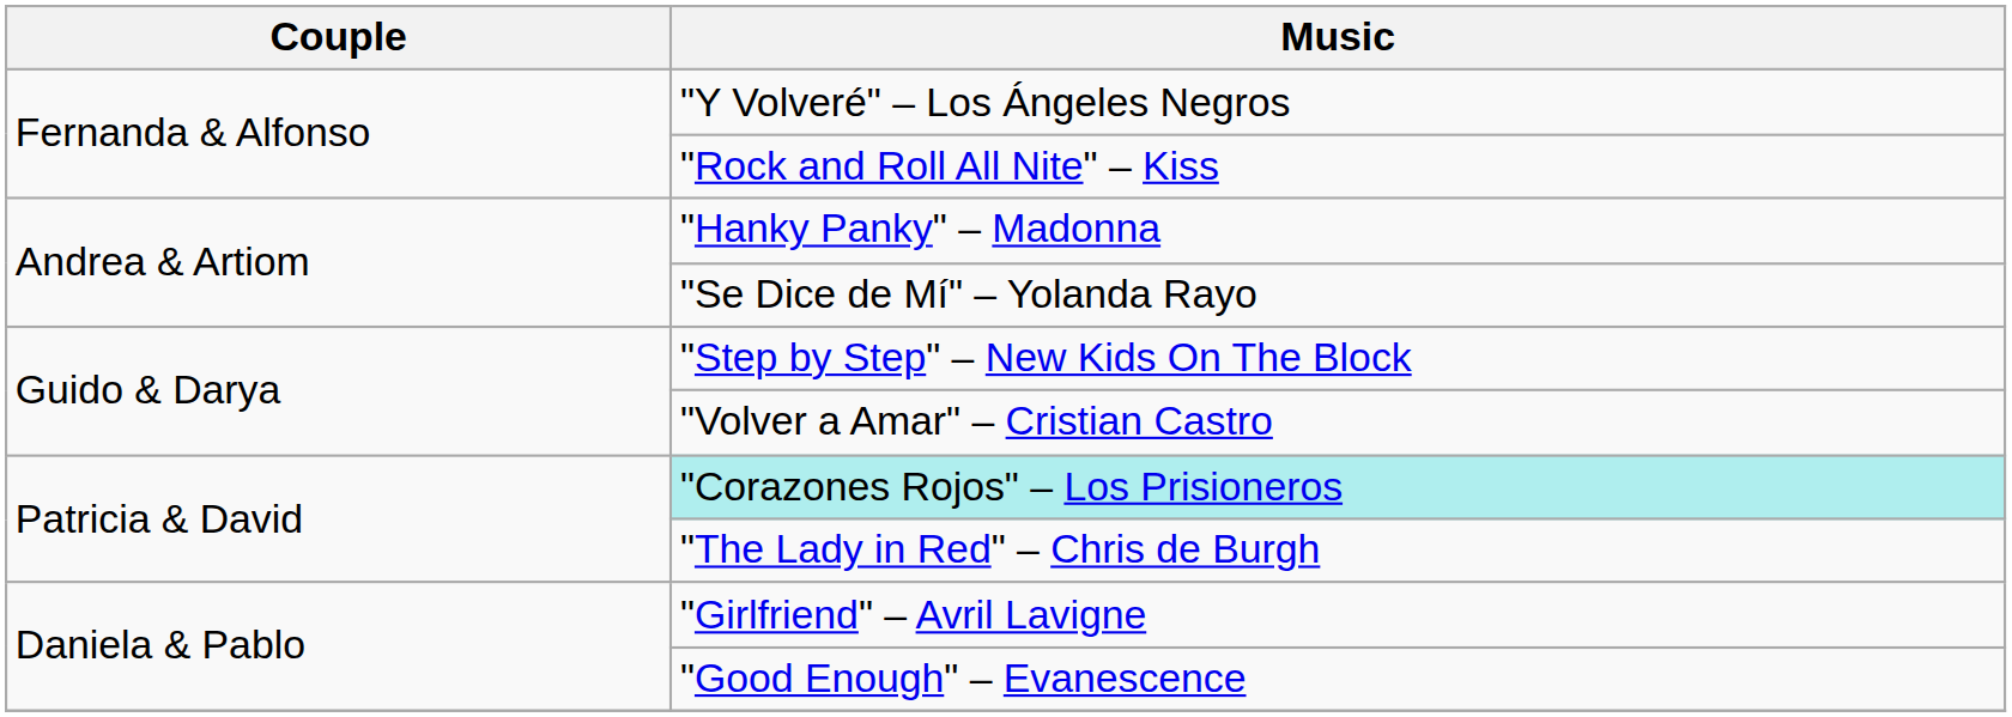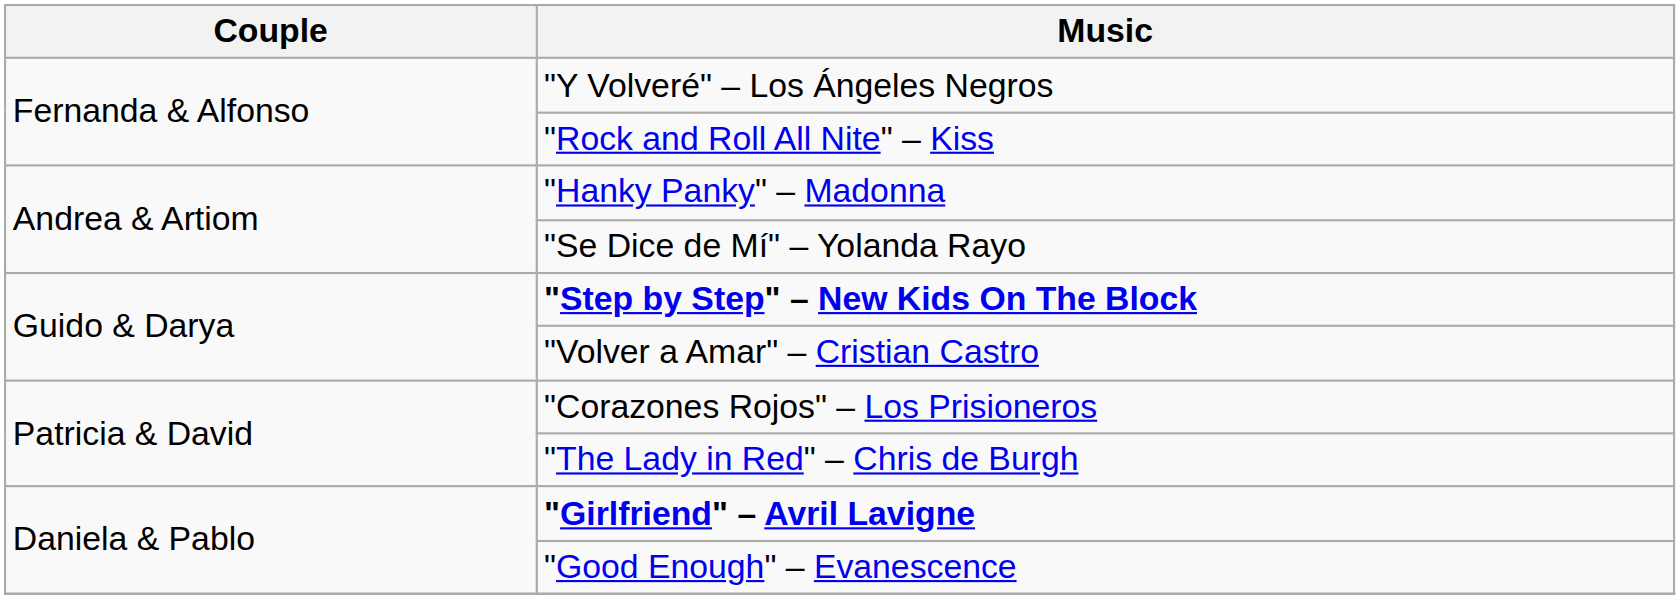 <table class="wikitable" width="50%">
 <tr>
 <th>Couple</th>
 <th>Music</th>
 </tr>
 <tr>
 <td rowspan=2>Fernanda & Alfonso</td>
 <td>"Y Volveré" – Los Ángeles Negros</td>
 </tr>
 <tr>
 <td>"<a href='#'>Rock and Roll All Nite</a>" – <a href='#'>Kiss</a></td>
 </tr>
 <tr>
 <td rowspan=2>Andrea & Artiom</td>
 <td>"<a href='#'>Hanky Panky</a>" – <a href='#'>Madonna</a></td>
 </tr>
 <tr>
 <td>"Se Dice de Mí" – Yolanda Rayo</td>
 </tr>
 <tr>
 <td rowspan=2>Guido & Darya</td>
-<td>"<a href='#'>Step by Step</a>" – <a href='#'>New Kids On The Block</a></td>
+<td><strong>"<a href='#'>Step by Step</a>" – <a href='#'>New Kids On The Block</a></strong></td>
 </tr>
 <tr>
 <td>"Volver a Amar" – <a href='#'>Cristian Castro</a></td>
 </tr>
 <tr>
 <td rowspan=2>Patricia & David</td>
-<td style="background: paleturquoise;">"Corazones Rojos" – <a href='#'>Los Prisioneros</a></td>
+<td>"Corazones Rojos" – <a href='#'>Los Prisioneros</a></td>
 </tr>
 <tr>
 <td>"<a href='#'>The Lady in Red</a>" – <a href='#'>Chris de Burgh</a></td>
 </tr>
 <tr>
 <td rowspan=2>Daniela & Pablo</td>
-<td>"<a href='#'>Girlfriend</a>" – <a href='#'>Avril Lavigne</a></td>
+<td><strong>"<a href='#'>Girlfriend</a>" – <a href='#'>Avril Lavigne</a></strong></td>
 </tr>
 <tr>
 <td>"<a href='#'>Good Enough</a>" – <a href='#'>Evanescence</a></td>
 </tr>
 <tr>
 </tr>
 </table>
